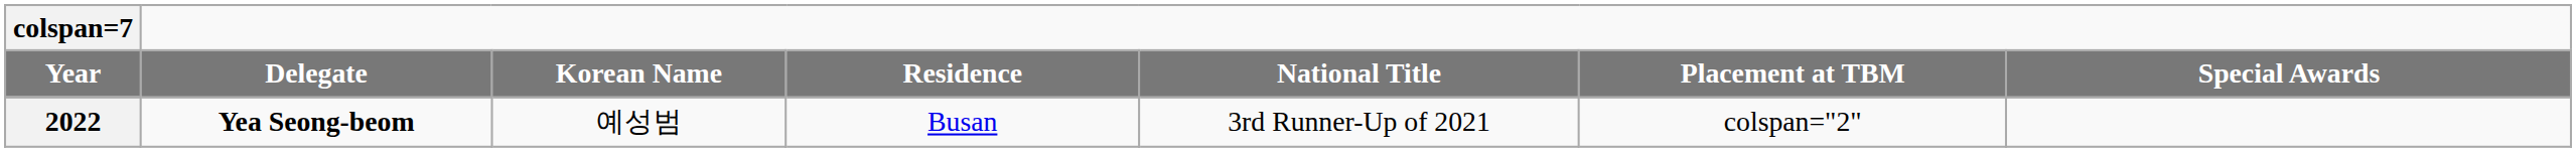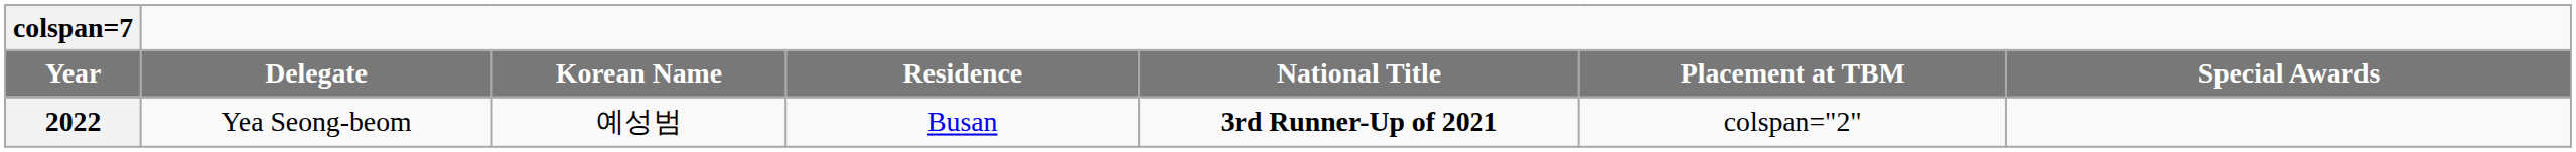 <table class="wikitable sortable" style="font-size: 85%; text-align:center">
 <tr>
 <th>colspan=7 </th>
 </tr>
 <tr>
 <th width="60" style="background-color:#787878;color:#FFFFFF;">Year</th>
 <th width="180" style="background-color:#787878;color:#FFFFFF;">Delegate</th>
 <th width="150" style="background-color:#787878;color:#FFFFFF;">Korean Name</th>
 <th width="180" style="background-color:#787878;color:#FFFFFF;">Residence</th>
 <th width="230" style="background-color:#787878;color:#FFFFFF;">National Title</th>
 <th width="220" style="background-color:#787878;color:#FFFFFF;">Placement at TBM</th>
 <th width="300" style="background-color:#787878;color:#FFFFFF;">Special Awards</th>
 </tr>
 <tr>
 <th>2022</th>
-<td><strong>Yea Seong-beom</strong></td>
+<td>Yea Seong-beom</td>
 <td>예성범</td>
 <td><a href='#'>Busan</a></td>
-<td>3rd Runner-Up of 2021</td>
+<td><strong>3rd Runner-Up of 2021</strong></td>
 <td>colspan="2" </td>
 </tr>
 </table>
